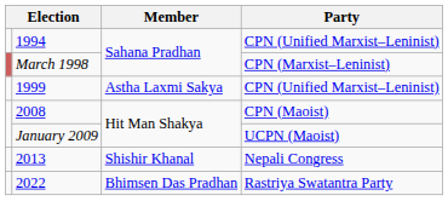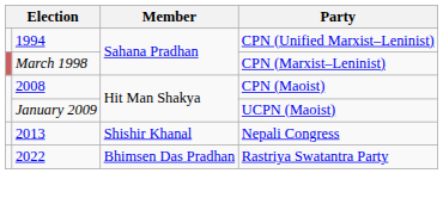 <table class="wikitable">
 <tr>
 <th colspan="2">Election</th>
 <th>Member</th>
 <th>Party</th>
 </tr>
 <tr>
 <td style="background-color:"></td>
 <td><a href='#'>1994</a></td>
 <td rowspan="2"><a href='#'>Sahana Pradhan</a></td>
 <td><a href='#'>CPN (Unified Marxist–Leninist)</a></td>
 </tr>
 <tr>
 <td style="background-color:indianred"></td>
 <td><em>March 1998</em></td>
 <td><a href='#'>CPN (Marxist–Leninist)</a></td>
-</tr>
-<tr>
-<td style="background-color:"></td>
-<td><a href='#'>1999</a></td>
-<td><a href='#'>Astha Laxmi Sakya</a></td>
-<td><a href='#'>CPN (Unified Marxist–Leninist)</a></td>
 </tr>
 <tr>
 <td rowspan="2" style="background-color:"></td>
 <td><a href='#'>2008</a></td>
 <td rowspan="2">Hit Man Shakya</td>
 <td><a href='#'>CPN (Maoist)</a></td>
 </tr>
 <tr>
 <td><em>January 2009</em></td>
 <td><a href='#'>UCPN (Maoist)</a></td>
 </tr>
 <tr>
 <td style="background-color:"></td>
 <td><a href='#'>2013</a></td>
 <td><a href='#'>Shishir Khanal</a></td>
 <td><a href='#'>Nepali Congress</a></td>
 </tr>
 <tr>
 <td></td>
 <td><a href='#'>2022</a></td>
 <td><a href='#'>Bhimsen Das Pradhan</a></td>
 <td><a href='#'>Rastriya Swatantra Party</a></td>
 </tr>
 </table>
